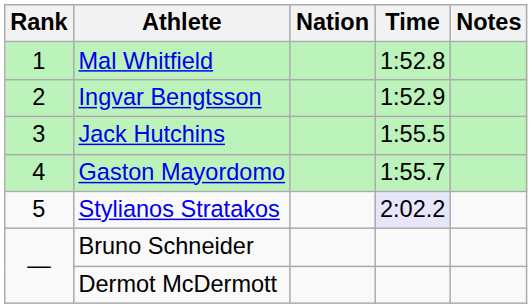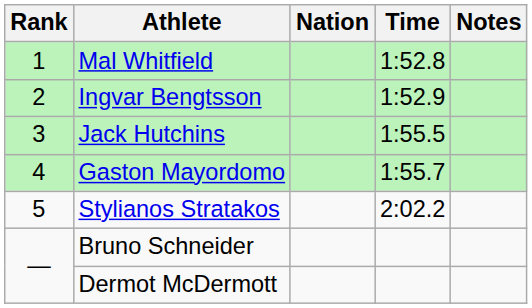 <table class="wikitable sortable" style="text-align:center">
 <tr>
 <th>Rank</th>
 <th>Athlete</th>
 <th>Nation</th>
 <th>Time</th>
 <th>Notes</th>
 </tr>
 <tr bgcolor=bbf3bb>
 <td>1</td>
 <td align=left><a href='#'>Mal Whitfield</a></td>
 <td align=left></td>
 <td>1:52.8</td>
 <td></td>
 </tr>
 <tr bgcolor=bbf3bb>
 <td>2</td>
 <td align=left><a href='#'>Ingvar Bengtsson</a></td>
 <td align=left></td>
 <td>1:52.9</td>
 <td></td>
 </tr>
 <tr bgcolor=bbf3bb>
 <td>3</td>
 <td align=left><a href='#'>Jack Hutchins</a></td>
 <td align=left></td>
 <td>1:55.5</td>
 <td></td>
 </tr>
 <tr bgcolor=bbf3bb>
 <td>4</td>
 <td align=left><a href='#'>Gaston Mayordomo</a></td>
 <td align=left></td>
 <td>1:55.7</td>
 <td></td>
 </tr>
 <tr>
 <td>5</td>
 <td align=left><a href='#'>Stylianos Stratakos</a></td>
 <td align=left></td>
-<td style="background: lavender;">2:02.2</td>
+<td>2:02.2</td>
 <td></td>
 </tr>
 <tr>
 <td rowspan=2 data-sort-value=6>—</td>
 <td align=left>Bruno Schneider</td>
 <td align=left></td>
 <td></td>
 <td></td>
 </tr>
 <tr>
 <td align=left>Dermot McDermott</td>
 <td align=left></td>
 <td></td>
 <td></td>
 </tr>
 </table>
